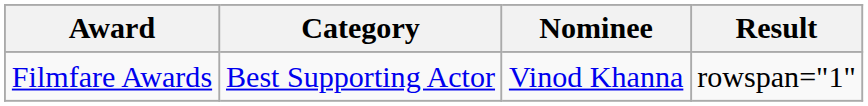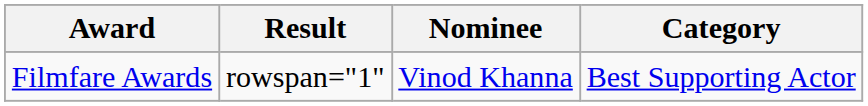 <table class="wikitable plainrowheaders sortable">
 <tr>
 <th>Award</th>
+<th>Result</th>
+<th>Nominee</th>
 <th>Category</th>
-<th>Nominee</th>
-<th>Result</th>
 </tr>
 <tr>
 <td rowspan="1"><a href='#'>Filmfare Awards</a></td>
+<td>rowspan="1" </td>
+<td><a href='#'>Vinod Khanna</a></td>
 <td><a href='#'>Best Supporting Actor</a></td>
-<td><a href='#'>Vinod Khanna</a></td>
-<td>rowspan="1" </td>
 </tr>
 </table>
